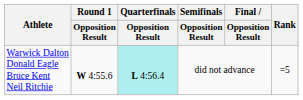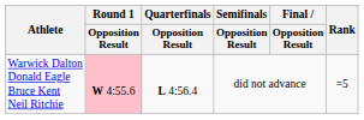 <table class="wikitable" style="font-size:90%;text-align:center;">
 <tr>
 <th rowspan=2>Athlete</th>
 <th>Round 1</th>
 <th>Quarterfinals</th>
 <th>Semifinals</th>
 <th>Final / </th>
 <th rowspan=2>Rank</th>
 </tr>
 <tr style="font-size:95%">
 <th>Opposition<br>Result</th>
 <th>Opposition<br>Result</th>
 <th>Opposition<br>Result</th>
 <th>Opposition<br>Result</th>
 </tr>
 <tr>
 <td style="text-align:left;"><a href='#'>Warwick Dalton</a><br><a href='#'>Donald Eagle</a><br><a href='#'>Bruce Kent</a><br><a href='#'>Neil Ritchie</a></td>
-<td><br><strong>W</strong> 4:55.6</td>
-<td style="background: paleturquoise;"><br><strong>L</strong> 4:56.4</td>
+<td style="background: pink;"><br><strong>W</strong> 4:55.6</td>
+<td><br><strong>L</strong> 4:56.4</td>
 <td colspan=2>did not advance</td>
 <td>=5</td>
 </tr>
 </table>
